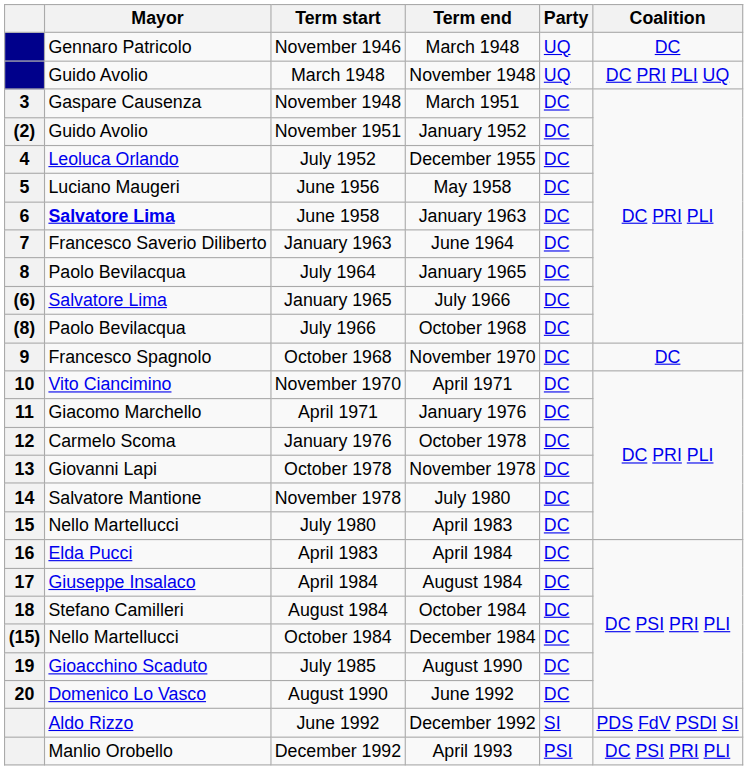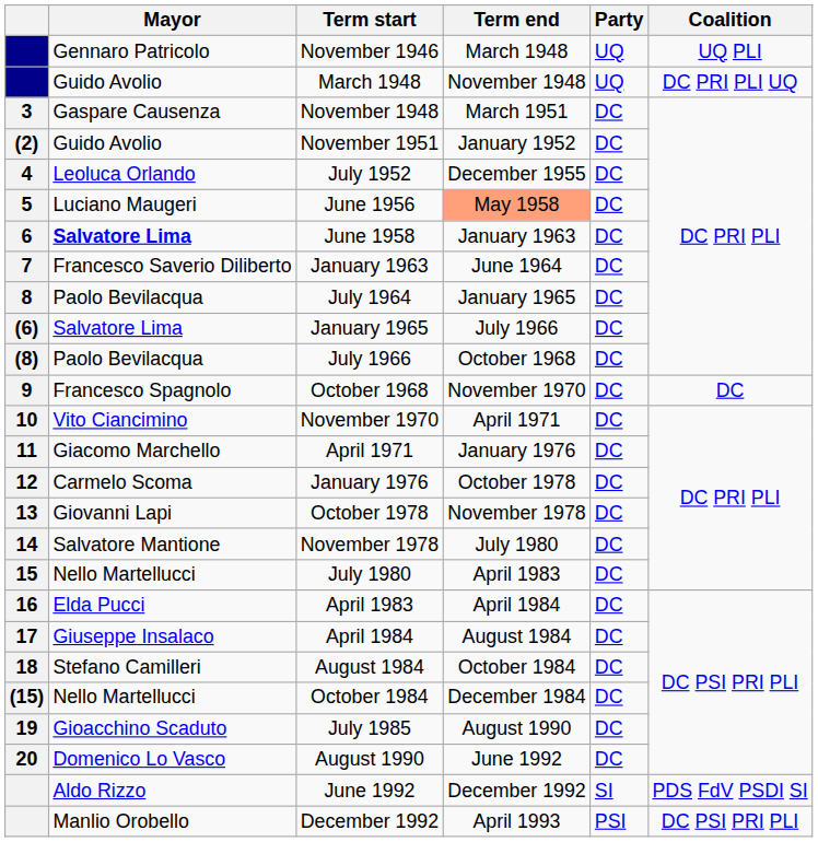 <table class="wikitable">
 <tr>
 <th class=unsortable> </th>
 <th>Mayor</th>
 <th>Term start</th>
 <th>Term end</th>
 <th>Party</th>
 <th>Coalition</th>
 </tr>
 <tr>
 <th style="background:#00008B;"></th>
 <td>Gennaro Patricolo</td>
 <td align=center>November 1946</td>
 <td align=center>March 1948</td>
 <td><a href='#'>UQ</a></td>
-<td align=center><a href='#'>DC</a></td>
+<td align=center><a href='#'>UQ</a>  <a href='#'>PLI</a></td>
 </tr>
 <tr>
 <th style="background:#00008B;"></th>
 <td>Guido Avolio</td>
 <td align=center>March 1948</td>
 <td align=center>November 1948</td>
 <td><a href='#'>UQ</a></td>
 <td align=center><a href='#'>DC</a>  <a href='#'>PRI</a>  <a href='#'>PLI</a>  <a href='#'>UQ</a></td>
 </tr>
 <tr>
 <th style="background:">3</th>
 <td>Gaspare Causenza</td>
 <td align=center>November 1948</td>
 <td align=center>March 1951</td>
 <td><a href='#'>DC</a></td>
 <td rowspan=9 align=center><a href='#'>DC</a>  <a href='#'>PRI</a>  <a href='#'>PLI</a></td>
 </tr>
 <tr>
 <th style="background:">(2)</th>
 <td>Guido Avolio</td>
 <td align=center>November 1951</td>
 <td align=center>January 1952</td>
 <td><a href='#'>DC</a></td>
 </tr>
 <tr>
 <th style="background:">4</th>
 <td><a href='#'>Leoluca Orlando</a></td>
 <td align=center>July 1952</td>
 <td align=center>December 1955</td>
 <td><a href='#'>DC</a></td>
 </tr>
 <tr>
 <th style="background:">5</th>
 <td>Luciano Maugeri</td>
 <td align=center>June 1956</td>
-<td align=center>May 1958</td>
+<td align=center style="background: lightsalmon;">May 1958</td>
 <td><a href='#'>DC</a></td>
 </tr>
 <tr>
 <th style="background:">6</th>
 <td><strong><a href='#'>Salvatore Lima</a></strong></td>
 <td align=center>June 1958</td>
 <td align=center>January 1963</td>
 <td><a href='#'>DC</a></td>
 </tr>
 <tr>
 <th style="background:">7</th>
 <td>Francesco Saverio Diliberto</td>
 <td align=center>January 1963</td>
 <td align=center>June 1964</td>
 <td><a href='#'>DC</a></td>
 </tr>
 <tr>
 <th style="background:">8</th>
 <td>Paolo Bevilacqua</td>
 <td align=center>July 1964</td>
 <td align=center>January 1965</td>
 <td><a href='#'>DC</a></td>
 </tr>
 <tr>
 <th style="background:">(6)</th>
 <td><a href='#'>Salvatore Lima</a></td>
 <td align=center>January 1965</td>
 <td align=center>July 1966</td>
 <td><a href='#'>DC</a></td>
 </tr>
 <tr>
 <th style="background:">(8)</th>
 <td>Paolo Bevilacqua</td>
 <td align=center>July 1966</td>
 <td align=center>October 1968</td>
 <td><a href='#'>DC</a></td>
 </tr>
 <tr>
 <th style="background:">9</th>
 <td>Francesco Spagnolo</td>
 <td align=center>October 1968</td>
 <td align=center>November 1970</td>
 <td><a href='#'>DC</a></td>
 <td align=center><a href='#'>DC</a></td>
 </tr>
 <tr>
 <th style="background:">10</th>
 <td><a href='#'>Vito Ciancimino</a></td>
 <td align=center>November 1970</td>
 <td align=center>April 1971</td>
 <td><a href='#'>DC</a></td>
 <td rowspan=6 align=center><a href='#'>DC</a>  <a href='#'>PRI</a>  <a href='#'>PLI</a></td>
 </tr>
 <tr>
 <th style="background:">11</th>
 <td>Giacomo Marchello</td>
 <td align=center>April 1971</td>
 <td align=center>January 1976</td>
 <td><a href='#'>DC</a></td>
 </tr>
 <tr>
 <th style="background:">12</th>
 <td>Carmelo Scoma</td>
 <td align=center>January 1976</td>
 <td align=center>October 1978</td>
 <td><a href='#'>DC</a></td>
 </tr>
 <tr>
 <th style="background:">13</th>
 <td>Giovanni Lapi</td>
 <td align=center>October 1978</td>
 <td align=center>November 1978</td>
 <td><a href='#'>DC</a></td>
 </tr>
 <tr>
 <th style="background:">14</th>
 <td>Salvatore Mantione</td>
 <td align=center>November 1978</td>
 <td align=center>July 1980</td>
 <td><a href='#'>DC</a></td>
 </tr>
 <tr>
 <th style="background:">15</th>
 <td>Nello Martellucci</td>
 <td align=center>July 1980</td>
 <td align=center>April 1983</td>
 <td><a href='#'>DC</a></td>
 </tr>
 <tr>
 <th style="background:">16</th>
 <td><a href='#'>Elda Pucci</a></td>
 <td align=center>April 1983</td>
 <td align=center>April 1984</td>
 <td><a href='#'>DC</a></td>
 <td rowspan=6 align=center><a href='#'>DC</a>  <a href='#'>PSI</a>  <a href='#'>PRI</a>  <a href='#'>PLI</a></td>
 </tr>
 <tr>
 <th style="background:">17</th>
 <td><a href='#'>Giuseppe Insalaco</a></td>
 <td align=center>April 1984</td>
 <td align=center>August 1984</td>
 <td><a href='#'>DC</a></td>
 </tr>
 <tr>
 <th style="background:">18</th>
 <td>Stefano Camilleri</td>
 <td align=center>August 1984</td>
 <td align=center>October 1984</td>
 <td><a href='#'>DC</a></td>
 </tr>
 <tr>
 <th style="background:">(15)</th>
 <td>Nello Martellucci</td>
 <td align=center>October 1984</td>
 <td align=center>December 1984</td>
 <td><a href='#'>DC</a></td>
 </tr>
 <tr>
 <th style="background:">19</th>
 <td><a href='#'>Gioacchino Scaduto</a></td>
 <td align=center>July 1985</td>
 <td align=center>August 1990</td>
 <td><a href='#'>DC</a></td>
 </tr>
 <tr>
 <th style="background:">20</th>
 <td><a href='#'>Domenico Lo Vasco</a></td>
 <td align=center>August 1990</td>
 <td align=center>June 1992</td>
 <td><a href='#'>DC</a></td>
 </tr>
 <tr>
 <th style="background:"></th>
 <td><a href='#'>Aldo Rizzo</a></td>
 <td align=center>June 1992</td>
 <td align=center>December 1992</td>
 <td><a href='#'>SI</a></td>
 <td align=center><a href='#'>PDS</a>  <a href='#'>FdV</a>  <a href='#'>PSDI</a>  <a href='#'>SI</a></td>
 </tr>
 <tr>
 <th style="background:"></th>
 <td>Manlio Orobello</td>
 <td align=center>December 1992</td>
 <td align=center>April 1993</td>
 <td><a href='#'>PSI</a></td>
 <td align=center><a href='#'>DC</a>  <a href='#'>PSI</a>  <a href='#'>PRI</a>  <a href='#'>PLI</a></td>
 </tr>
 </table>
